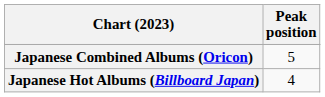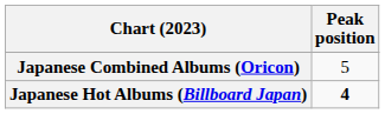 <table class="wikitable sortable plainrowheaders" style="text-align:center;">
 <tr>
 <th scope="col">Chart (2023)</th>
 <th scope="col">Peak<br>position</th>
 </tr>
 <tr>
 </tr>
 <tr>
 <th scope="row">Japanese Combined Albums (<a href='#'>Oricon</a>)</th>
 <td>5</td>
 </tr>
 <tr>
 <th scope="row">Japanese Hot Albums (<em><a href='#'>Billboard Japan</a></em>)</th>
-<td>4</td>
+<td><strong>4</strong></td>
 </tr>
 </table>
